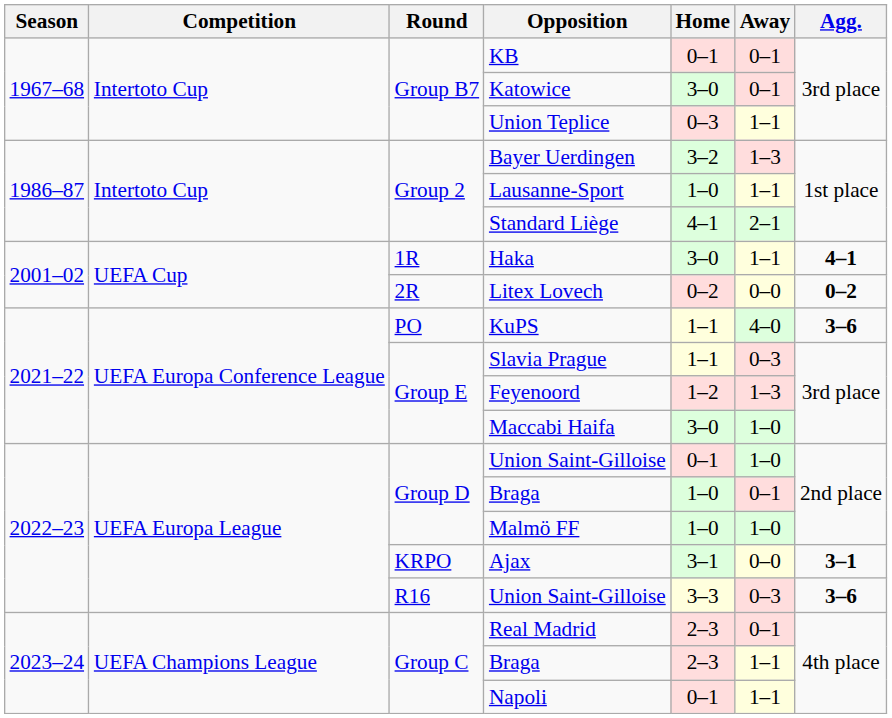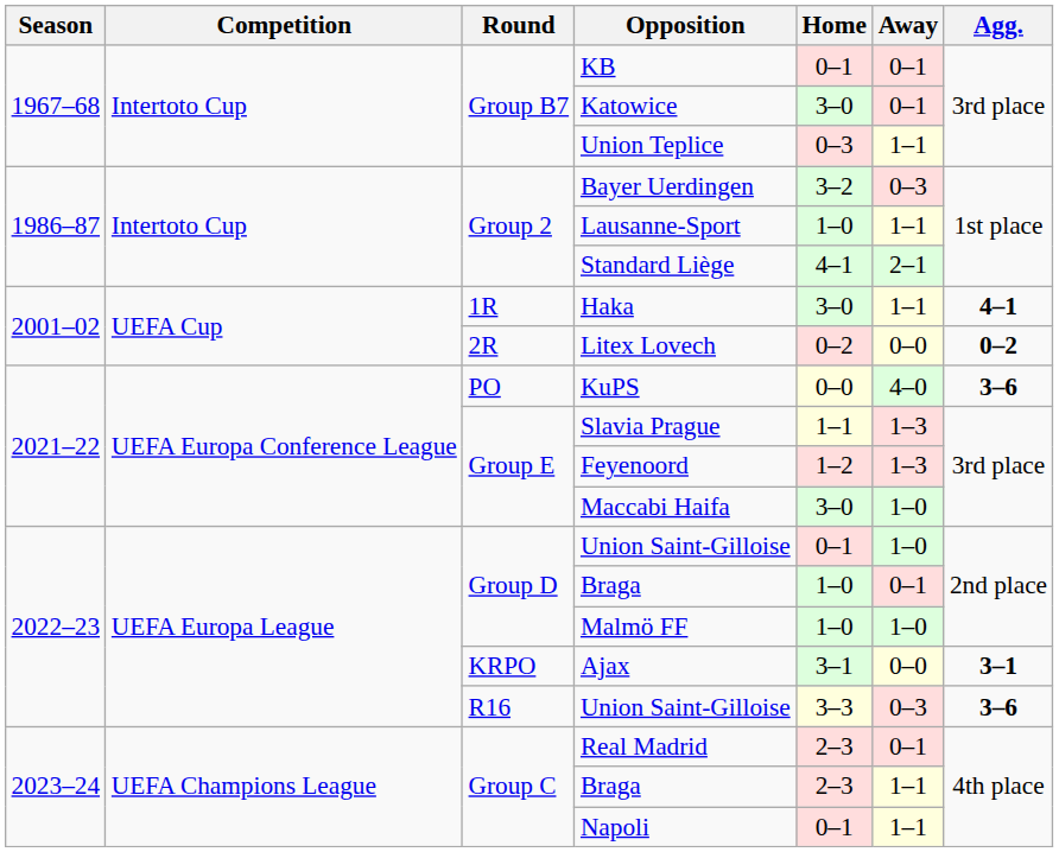 <table class="wikitable">
 <tr>
 <th>Season</th>
 <th>Competition</th>
 <th>Round</th>
 <th>Opposition</th>
 <th>Home</th>
 <th>Away</th>
 <th><a href='#'>Agg.</a></th>
 </tr>
 <tr>
 <td rowspan="3"><a href='#'>1967–68</a></td>
 <td rowspan="3"><a href='#'>Intertoto Cup</a></td>
 <td rowspan="3"><a href='#'>Group B7</a></td>
 <td> <a href='#'>KB</a></td>
 <td bgcolor="#ffdddd" style="text-align:center;">0–1</td>
 <td bgcolor="#ffdddd" style="text-align:center;">0–1</td>
 <td rowspan="3" align="center">3rd place</td>
 </tr>
 <tr>
 <td> <a href='#'>Katowice</a></td>
 <td bgcolor="#ddffdd" style="text-align:center;">3–0</td>
 <td bgcolor="#ffdddd" style="text-align:center;">0–1</td>
 </tr>
 <tr>
 <td> <a href='#'>Union Teplice</a></td>
 <td bgcolor="#ffdddd" style="text-align:center;">0–3</td>
 <td bgcolor="#ffffdd" style="text-align:center;">1–1</td>
 </tr>
 <tr>
 <td rowspan="3"><a href='#'>1986–87</a></td>
 <td rowspan="3"><a href='#'>Intertoto Cup</a></td>
 <td rowspan="3"><a href='#'>Group 2</a></td>
 <td> <a href='#'>Bayer Uerdingen</a></td>
 <td bgcolor="#ddffdd" style="text-align:center;">3–2</td>
-<td bgcolor="#ffdddd" style="text-align:center;">1–3</td>
+<td bgcolor="#ffdddd" style="text-align:center;">0–3</td>
 <td rowspan="3" align="center">1st place</td>
 </tr>
 <tr>
 <td> <a href='#'>Lausanne-Sport</a></td>
 <td bgcolor="#ddffdd" style="text-align:center;">1–0</td>
 <td bgcolor="#ffffdd" style="text-align:center;">1–1</td>
 </tr>
 <tr>
 <td> <a href='#'>Standard Liège</a></td>
 <td bgcolor="#ddffdd" style="text-align:center;">4–1</td>
 <td bgcolor="#ddffdd" style="text-align:center;">2–1</td>
 </tr>
 <tr>
 <td rowspan="2"><a href='#'>2001–02</a></td>
 <td rowspan="2"><a href='#'>UEFA Cup</a></td>
 <td><a href='#'>1R</a></td>
 <td> <a href='#'>Haka</a></td>
 <td bgcolor="#ddffdd" style="text-align:center;">3–0</td>
 <td bgcolor="#ffffdd" style="text-align:center;">1–1</td>
 <td style="text-align:center;"><strong>4–1</strong></td>
 </tr>
 <tr>
 <td><a href='#'>2R</a></td>
 <td> <a href='#'>Litex Lovech</a></td>
 <td bgcolor="#ffdddd" style="text-align:center;">0–2</td>
 <td bgcolor="#ffffdd" style="text-align:center;">0–0</td>
 <td style="text-align:center;"><strong>0–2</strong></td>
 </tr>
 <tr>
 <td rowspan="4"><a href='#'>2021–22</a></td>
 <td rowspan="4"><a href='#'>UEFA Europa Conference League</a></td>
 <td><a href='#'>PO</a></td>
 <td> <a href='#'>KuPS</a></td>
-<td bgcolor="#ffffdd" style="text-align:center;">1–1</td>
+<td bgcolor="#ffffdd" style="text-align:center;">0–0</td>
 <td bgcolor="#ddffdd" style="text-align:center;">4–0</td>
 <td style="text-align:center;"><strong>3–6</strong></td>
 </tr>
 <tr>
 <td rowspan="3"><a href='#'>Group E</a></td>
 <td> <a href='#'>Slavia Prague</a></td>
 <td bgcolor="#ffffdd" style="text-align:center;">1–1</td>
-<td bgcolor="#ffdddd" style="text-align:center;">0–3</td>
+<td bgcolor="#ffdddd" style="text-align:center;">1–3</td>
 <td rowspan="3" style="text-align:center;">3rd place</td>
 </tr>
 <tr>
 <td> <a href='#'>Feyenoord</a></td>
 <td bgcolor="#ffdddd" style="text-align:center;">1–2</td>
 <td bgcolor="#ffdddd" style="text-align:center;">1–3</td>
 </tr>
 <tr>
 <td> <a href='#'>Maccabi Haifa</a></td>
 <td bgcolor="#ddffdd" style="text-align:center;">3–0</td>
 <td bgcolor="#ddffdd" style="text-align:center;">1–0</td>
 </tr>
 <tr>
 <td rowspan="5"><a href='#'>2022–23</a></td>
 <td rowspan="5"><a href='#'>UEFA Europa League</a></td>
 <td rowspan="3"><a href='#'>Group D</a></td>
 <td> <a href='#'>Union Saint-Gilloise</a></td>
 <td bgcolor="#ffdddd" style="text-align:center;">0–1</td>
 <td bgcolor="#ddffdd" style="text-align:center;">1–0</td>
 <td rowspan="3" style="text-align:center;">2nd place</td>
 </tr>
 <tr>
 <td> <a href='#'>Braga</a></td>
 <td bgcolor="#ddffdd" style="text-align:center;">1–0</td>
 <td bgcolor="#ffdddd" style="text-align:center;">0–1</td>
 </tr>
 <tr>
 <td> <a href='#'>Malmö FF</a></td>
 <td bgcolor="#ddffdd" style="text-align:center;">1–0</td>
 <td bgcolor="#ddffdd" style="text-align:center;">1–0</td>
 </tr>
 <tr>
 <td><a href='#'>KRPO</a></td>
 <td> <a href='#'>Ajax</a></td>
 <td bgcolor="#ddffdd" style="text-align:center;">3–1</td>
 <td bgcolor="#ffffdd" style="text-align:center;">0–0</td>
 <td style="text-align:center;"><strong>3–1</strong></td>
 </tr>
 <tr>
 <td><a href='#'>R16</a></td>
 <td> <a href='#'>Union Saint-Gilloise</a></td>
 <td bgcolor="#ffffdd" style="text-align:center;">3–3</td>
 <td bgcolor="#ffdddd" style="text-align:center;">0–3</td>
 <td style="text-align:center;"><strong>3–6</strong></td>
 </tr>
 <tr>
 <td rowspan="3"><a href='#'>2023–24</a></td>
 <td rowspan="3"><a href='#'>UEFA Champions League</a></td>
 <td rowspan="3"><a href='#'>Group C</a></td>
 <td> <a href='#'>Real Madrid</a></td>
 <td bgcolor="#ffdddd" style="text-align:center;">2–3</td>
 <td bgcolor="#ffdddd" style="text-align:center;">0–1</td>
 <td rowspan="3" style="text-align:center;">4th place</td>
 </tr>
 <tr>
 <td> <a href='#'>Braga</a></td>
 <td bgcolor="#ffdddd" style="text-align:center;">2–3</td>
 <td bgcolor="#ffffdd" style="text-align:center;">1–1</td>
 </tr>
 <tr>
 <td> <a href='#'>Napoli</a></td>
 <td bgcolor="#ffdddd" style="text-align:center;">0–1</td>
 <td bgcolor="#ffffdd" style="text-align:center;">1–1</td>
 </tr>
 </table>
